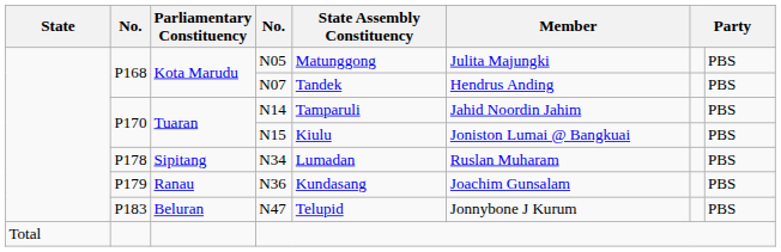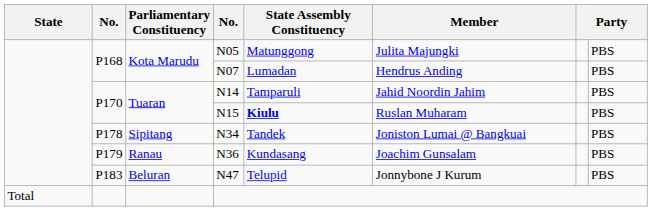 <table class ="wikitable sortable">
 <tr>
 <th style="width:100px;">State</th>
 <th>No.</th>
 <th>Parliamentary<br>Constituency</th>
 <th style="width:30px;">No.</th>
 <th style="width:150px;">State Assembly Constituency</th>
 <th style="width:240px;">Member</th>
 <th style="width:80px;" colspan=2>Party</th>
 </tr>
 <tr>
 <td rowspan="7"></td>
 <td rowspan="2">P168</td>
 <td rowspan="2"><a href='#'>Kota Marudu</a></td>
 <td>N05</td>
 <td><a href='#'>Matunggong</a></td>
 <td><a href='#'>Julita Majungki</a></td>
 <td></td>
 <td>PBS</td>
 </tr>
 <tr>
 <td>N07</td>
-<td><a href='#'>Tandek</a></td>
+<td><a href='#'>Lumadan</a></td>
 <td><a href='#'>Hendrus Anding</a></td>
 <td></td>
 <td>PBS</td>
 </tr>
 <tr>
 <td rowspan="2">P170</td>
 <td rowspan="2"><a href='#'>Tuaran</a></td>
 <td>N14</td>
 <td><a href='#'>Tamparuli</a></td>
 <td><a href='#'>Jahid Noordin Jahim</a></td>
 <td></td>
 <td>PBS</td>
 </tr>
 <tr>
 <td>N15</td>
-<td><a href='#'>Kiulu</a></td>
-<td><a href='#'>Joniston Lumai @ Bangkuai</a></td>
+<td><strong><a href='#'>Kiulu</a></strong></td>
+<td><a href='#'>Ruslan Muharam</a></td>
 <td></td>
 <td>PBS</td>
 </tr>
 <tr>
 <td>P178</td>
 <td><a href='#'>Sipitang</a></td>
 <td>N34</td>
-<td><a href='#'>Lumadan</a></td>
-<td><a href='#'>Ruslan Muharam</a></td>
+<td><a href='#'>Tandek</a></td>
+<td><a href='#'>Joniston Lumai @ Bangkuai</a></td>
 <td></td>
 <td>PBS</td>
 </tr>
 <tr>
 <td>P179</td>
 <td><a href='#'>Ranau</a></td>
 <td>N36</td>
 <td><a href='#'>Kundasang</a></td>
 <td><a href='#'>Joachim Gunsalam</a></td>
 <td></td>
 <td>PBS</td>
 </tr>
 <tr>
 <td>P183</td>
 <td><a href='#'>Beluran</a></td>
 <td>N47</td>
 <td><a href='#'>Telupid</a></td>
 <td>Jonnybone J Kurum</td>
 <td></td>
 <td>PBS</td>
 </tr>
 <tr>
 <td>Total</td>
 <td></td>
 <td></td>
 <td colspan="6" style="width:30px;"></td>
 </tr>
 </table>
